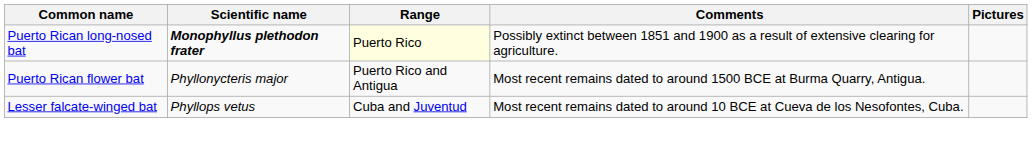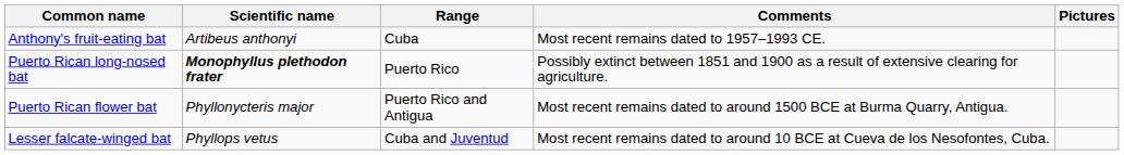 <table class="wikitable">
 <tr>
 <th>Common name</th>
 <th>Scientific name</th>
 <th>Range</th>
 <th class="unsortable">Comments</th>
 <th>Pictures</th>
 </tr>
 <tr>
+<td><a href='#'>Anthony's fruit-eating bat</a></td>
+<td><em>Artibeus anthonyi</em></td>
+<td>Cuba</td>
+<td>Most recent remains dated to 1957–1993 CE.</td>
+<td></td>
+</tr>
+<tr>
 <td><a href='#'>Puerto Rican long-nosed bat</a></td>
 <td><strong><em>Monophyllus plethodon frater</em></strong></td>
-<td style="background: lightyellow;">Puerto Rico</td>
+<td>Puerto Rico</td>
 <td>Possibly extinct between 1851 and 1900 as a result of extensive clearing for agriculture.</td>
 <td></td>
 </tr>
 <tr>
 <td><a href='#'>Puerto Rican flower bat</a></td>
 <td><em>Phyllonycteris major</em></td>
 <td>Puerto Rico and Antigua</td>
 <td>Most recent remains dated to around 1500 BCE at Burma Quarry, Antigua.</td>
 <td></td>
 </tr>
 <tr>
 <td><a href='#'>Lesser falcate-winged bat</a></td>
 <td><em>Phyllops vetus</em></td>
 <td>Cuba and <a href='#'>Juventud</a></td>
 <td>Most recent remains dated to around 10 BCE at Cueva de los Nesofontes, Cuba.</td>
 <td></td>
 </tr>
 </table>
